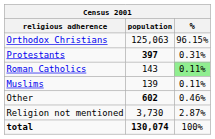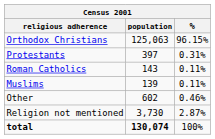 <table class="wikitable">
 <tr>
 <th colspan=3><small>Census 2001</small></th>
 </tr>
 <tr>
 <th><small>religious adherence</small></th>
 <th><small>population</small></th>
 <th>%</th>
 </tr>
 <tr>
 <td><a href='#'>Orthodox Christians</a></td>
 <td align="middle">125,063</td>
 <td align="middle">96.15%</td>
 </tr>
 <tr>
 <td><a href='#'>Protestants</a></td>
-<td align="middle"><strong>397</strong></td>
+<td align="middle">397</td>
 <td align="middle">0.31%</td>
 </tr>
 <tr>
 <td><a href='#'>Roman Catholics</a></td>
 <td align="middle">143</td>
-<td align="middle" style="background: lightgreen;">0.11%</td>
+<td align="middle">0.11%</td>
 </tr>
 <tr>
 <td><a href='#'>Muslims</a></td>
 <td align="middle">139</td>
 <td align="middle">0.11%</td>
 </tr>
 <tr>
 <td>Other</td>
-<td align="middle"><strong>602</strong></td>
+<td align="middle">602</td>
 <td align="middle">0.46%</td>
 </tr>
 <tr>
 <td>Religion not mentioned</td>
 <td align="middle">3,730</td>
 <td align="middle">2.87%</td>
 </tr>
 <tr>
 <td><strong>total</strong></td>
 <td align="middle"><strong>130,074</strong></td>
 <td align="middle">100%</td>
 </tr>
 </table>
